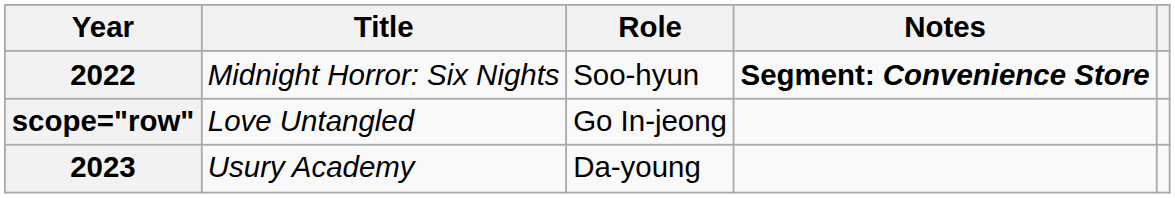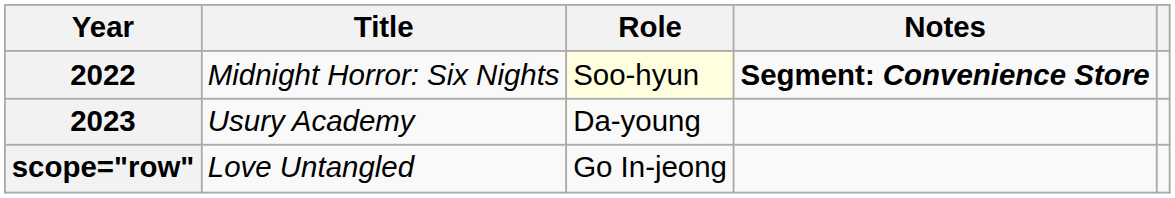 <table class="wikitable plainrowheaders">
 <tr>
 <th scope="col">Year</th>
 <th scope="col">Title</th>
 <th scope="col">Role</th>
 <th scope="col">Notes</th>
 <th scope="col" class="unsortable"></th>
 </tr>
 <tr>
 <th scope="row">2022</th>
 <td><em>Midnight Horror: Six Nights</em></td>
-<td>Soo-hyun</td>
+<td style="background: lightyellow;">Soo-hyun</td>
 <td><strong>Segment: <em>Convenience Store</em></strong></td>
+<td style="text-align:center"></td>
+</tr>
+<tr>
+<th scope="row">2023</th>
+<td><em>Usury Academy</em></td>
+<td>Da-young</td>
+<td></td>
 <td style="text-align:center"></td>
 </tr>
 <tr>
 <th>scope="row" </th>
 <td><em>Love Untangled</em></td>
 <td>Go In-jeong</td>
 <td></td>
 <td style="text-align:center"></td>
 </tr>
-<tr>
-<th scope="row">2023</th>
-<td><em>Usury Academy</em></td>
-<td>Da-young</td>
-<td></td>
-<td style="text-align:center"></td>
-</tr>
 </table>
